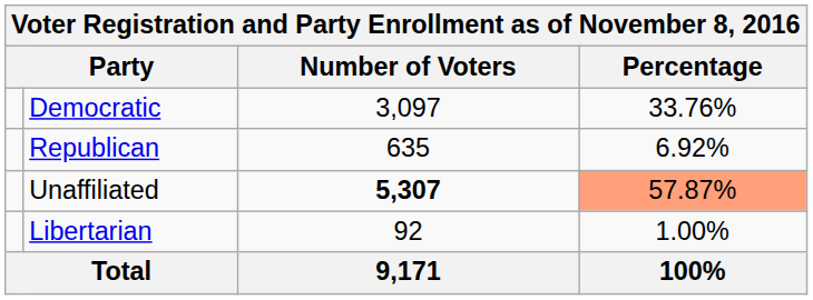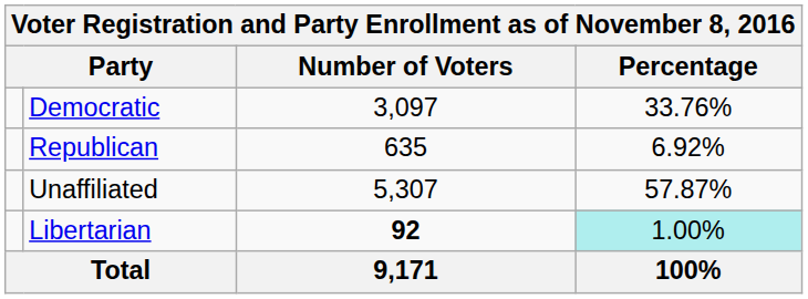 <table class=wikitable>
 <tr>
 <th colspan = 6>Voter Registration and Party Enrollment as of November 8, 2016</th>
 </tr>
 <tr>
 <th colspan = 2>Party</th>
 <th>Number of Voters</th>
 <th>Percentage</th>
 </tr>
 <tr>
 <td></td>
 <td><a href='#'>Democratic</a></td>
 <td align = center>3,097</td>
 <td align = center>33.76%</td>
 </tr>
 <tr>
 <td></td>
 <td><a href='#'>Republican</a></td>
 <td align = center>635</td>
 <td align = center>6.92%</td>
 </tr>
 <tr>
 <td></td>
 <td>Unaffiliated</td>
-<td align = center><strong>5,307</strong></td>
-<td align = center style="background: lightsalmon;">57.87%</td>
+<td align = center>5,307</td>
+<td align = center>57.87%</td>
 </tr>
 <tr>
 <td></td>
 <td><a href='#'>Libertarian</a></td>
-<td align = center>92</td>
-<td align = center>1.00%</td>
+<td align = center><strong>92</strong></td>
+<td align = center style="background: paleturquoise;">1.00%</td>
 </tr>
 <tr>
 <th colspan = 2>Total</th>
 <th align = center>9,171</th>
 <th align = center>100%</th>
 </tr>
 </table>
